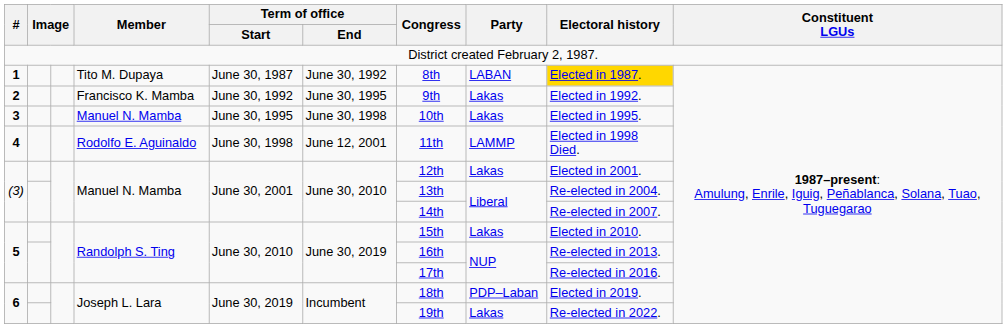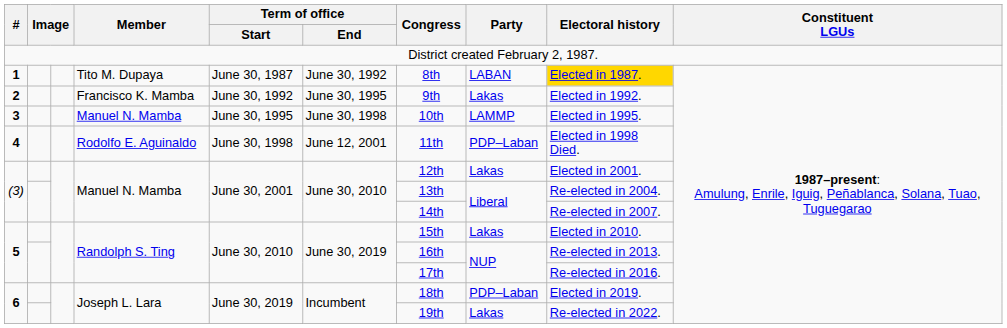 <table class="wikitable">
 <tr>
 <th rowspan="2">#</th>
 <th colspan="2" rowspan="2">Image</th>
 <th rowspan="2">Member</th>
 <th colspan="2">Term of office</th>
 <th rowspan="2">Congress</th>
 <th rowspan="2">Party</th>
 <th rowspan="2">Electoral history</th>
 <th rowspan="2" width="33%">Constituent<br><a href='#'>LGUs</a></th>
 </tr>
 <tr>
 <th>Start</th>
 <th>End</th>
 </tr>
 <tr>
 <td colspan="10" style="text-align:center;">District created February 2, 1987.</td>
 </tr>
 <tr>
 <td style="text-align:center;"><strong>1</strong></td>
 <td style="color:inherit;background:"></td>
 <td></td>
 <td>Tito M. Dupaya</td>
 <td>June 30, 1987</td>
 <td>June 30, 1992</td>
 <td style="text-align:center;"><a href='#'>8th</a></td>
 <td><a href='#'>LABAN</a></td>
 <td style="background: gold;"><a href='#'>Elected in 1987</a>.</td>
 <td rowspan="12" align="center"><strong>1987–present</strong>:<br><a href='#'>Amulung</a>, <a href='#'>Enrile</a>, <a href='#'>Iguig</a>, <a href='#'>Peñablanca</a>, <a href='#'>Solana</a>, <a href='#'>Tuao</a>, <a href='#'>Tuguegarao</a></td>
 </tr>
 <tr>
 <td style="text-align:center;"><strong>2</strong></td>
 <td style="color:inherit;background:"></td>
 <td></td>
 <td>Francisco K. Mamba</td>
 <td>June 30, 1992</td>
 <td>June 30, 1995</td>
 <td style="text-align:center;"><a href='#'>9th</a></td>
 <td><a href='#'>Lakas</a></td>
 <td><a href='#'>Elected in 1992</a>.</td>
 </tr>
 <tr>
 <td style="text-align:center;"><strong>3</strong></td>
 <td style="color:inherit;background:"></td>
 <td></td>
 <td><a href='#'>Manuel N. Mamba</a></td>
 <td>June 30, 1995</td>
 <td>June 30, 1998</td>
 <td style="text-align:center;"><a href='#'>10th</a></td>
-<td><a href='#'>Lakas</a></td>
+<td><a href='#'>LAMMP</a></td>
 <td><a href='#'>Elected in 1995</a>.</td>
 </tr>
 <tr>
 <td style="text-align:center;"><strong>4</strong></td>
 <td style="color:inherit;background:"></td>
 <td></td>
 <td><a href='#'>Rodolfo E. Aguinaldo</a></td>
 <td>June 30, 1998</td>
 <td>June 12, 2001</td>
 <td style="text-align:center;"><a href='#'>11th</a></td>
-<td><a href='#'>LAMMP</a></td>
+<td><a href='#'>PDP–Laban</a></td>
 <td><a href='#'>Elected in 1998</a><br><a href='#'>Died</a>.</td>
 </tr>
 <tr>
 <td rowspan="3" style="text-align:center;"><em>(3)</em></td>
 <td style="color:inherit;background:"></td>
 <td rowspan="3"></td>
 <td rowspan="3">Manuel N. Mamba</td>
 <td rowspan="3">June 30, 2001</td>
 <td rowspan="3">June 30, 2010</td>
 <td style="text-align:center;"><a href='#'>12th</a></td>
 <td><a href='#'>Lakas</a></td>
 <td><a href='#'>Elected in 2001</a>.</td>
 </tr>
 <tr>
 <td rowspan="2" style="color:inherit;background:"></td>
 <td style="text-align:center;"><a href='#'>13th</a></td>
 <td rowspan="2"><a href='#'>Liberal</a></td>
 <td><a href='#'>Re-elected in 2004</a>.</td>
 </tr>
 <tr>
 <td style="text-align:center;"><a href='#'>14th</a></td>
 <td><a href='#'>Re-elected in 2007</a>.</td>
 </tr>
 <tr>
 <td rowspan="3" style="text-align:center;"><strong>5</strong></td>
 <td style="color:inherit;background:"></td>
 <td rowspan="3"></td>
 <td rowspan="3"><a href='#'>Randolph S. Ting</a></td>
 <td rowspan="3">June 30, 2010</td>
 <td rowspan="3">June 30, 2019</td>
 <td style="text-align:center;"><a href='#'>15th</a></td>
 <td><a href='#'>Lakas</a></td>
 <td><a href='#'>Elected in 2010</a>.</td>
 </tr>
 <tr>
 <td rowspan="2" style="color:inherit;background:"></td>
 <td style="text-align:center;"><a href='#'>16th</a></td>
 <td rowspan="2"><a href='#'>NUP</a></td>
 <td><a href='#'>Re-elected in 2013</a>.</td>
 </tr>
 <tr>
 <td style="text-align:center;"><a href='#'>17th</a></td>
 <td><a href='#'>Re-elected in 2016</a>.</td>
 </tr>
 <tr>
 <td rowspan="2" style="text-align:center;"><strong>6</strong></td>
 <td style="color:inherit;background:"></td>
 <td rowspan="2"></td>
 <td rowspan="2">Joseph L. Lara</td>
 <td rowspan="2">June 30, 2019</td>
 <td rowspan="2">Incumbent</td>
 <td style="text-align:center;"><a href='#'>18th</a></td>
 <td><a href='#'>PDP–Laban</a></td>
 <td><a href='#'>Elected in 2019</a>.</td>
 </tr>
 <tr>
 <td style="color:inherit;background:"></td>
 <td style="text-align:center;"><a href='#'>19th</a></td>
 <td><a href='#'>Lakas</a></td>
 <td><a href='#'>Re-elected in 2022</a>.</td>
 </tr>
 </table>
